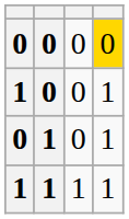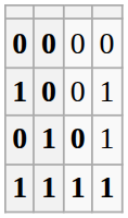 <table class="wikitable" style="text-align: center">
 <tr>
 <th></th>
 <th></th>
 <th></th>
 <th></th>
 </tr>
 <tr>
 <th>0</th>
 <th>0</th>
 <td>0</td>
-<td style="background: gold;">0</td>
+<td>0</td>
 </tr>
 <tr>
 <th>1</th>
 <th>0</th>
 <td>0</td>
 <td>1</td>
 </tr>
 <tr>
 <th>0</th>
 <th>1</th>
-<td>0</td>
+<td><strong>0</strong></td>
 <td>1</td>
 </tr>
 <tr>
 <th>1</th>
 <th>1</th>
-<td>1</td>
-<td>1</td>
+<td><strong>1</strong></td>
+<td><strong>1</strong></td>
 </tr>
 </table>
